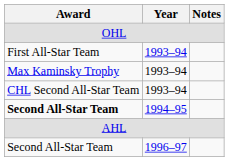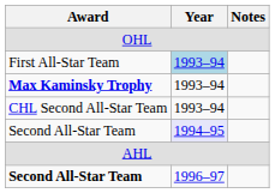 <table class="wikitable">
 <tr>
 <th>Award</th>
 <th>Year</th>
 <th>Notes</th>
 </tr>
 <tr ALIGN="center" bgcolor="#e0e0e0">
 <td colspan="3"><a href='#'>OHL</a></td>
 </tr>
 <tr>
 <td>First All-Star Team</td>
-<td><a href='#'>1993–94</a></td>
+<td style="background: lightblue;"><a href='#'>1993–94</a></td>
 <td></td>
 </tr>
 <tr>
-<td><a href='#'>Max Kaminsky Trophy</a></td>
+<td><strong><a href='#'>Max Kaminsky Trophy</a></strong></td>
 <td>1993–94</td>
 <td></td>
 </tr>
 <tr>
 <td><a href='#'>CHL</a> Second All-Star Team</td>
 <td>1993–94</td>
 <td></td>
 </tr>
 <tr>
-<td><strong>Second All-Star Team</strong></td>
-<td><a href='#'>1994–95</a></td>
+<td>Second All-Star Team</td>
+<td style="background: lavender;"><a href='#'>1994–95</a></td>
 <td></td>
 </tr>
 <tr ALIGN="center" bgcolor="#e0e0e0">
 <td colspan="3"><a href='#'>AHL</a></td>
 </tr>
 <tr>
-<td>Second All-Star Team</td>
+<td><strong>Second All-Star Team</strong></td>
 <td><a href='#'>1996–97</a></td>
 <td></td>
 </tr>
 </table>
